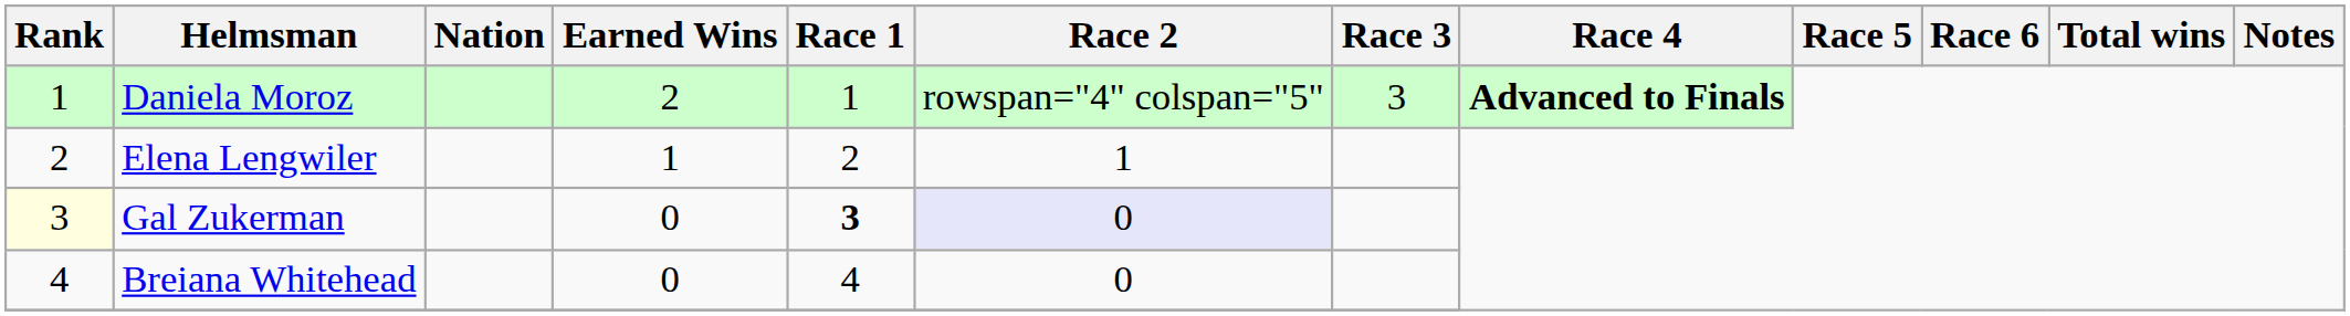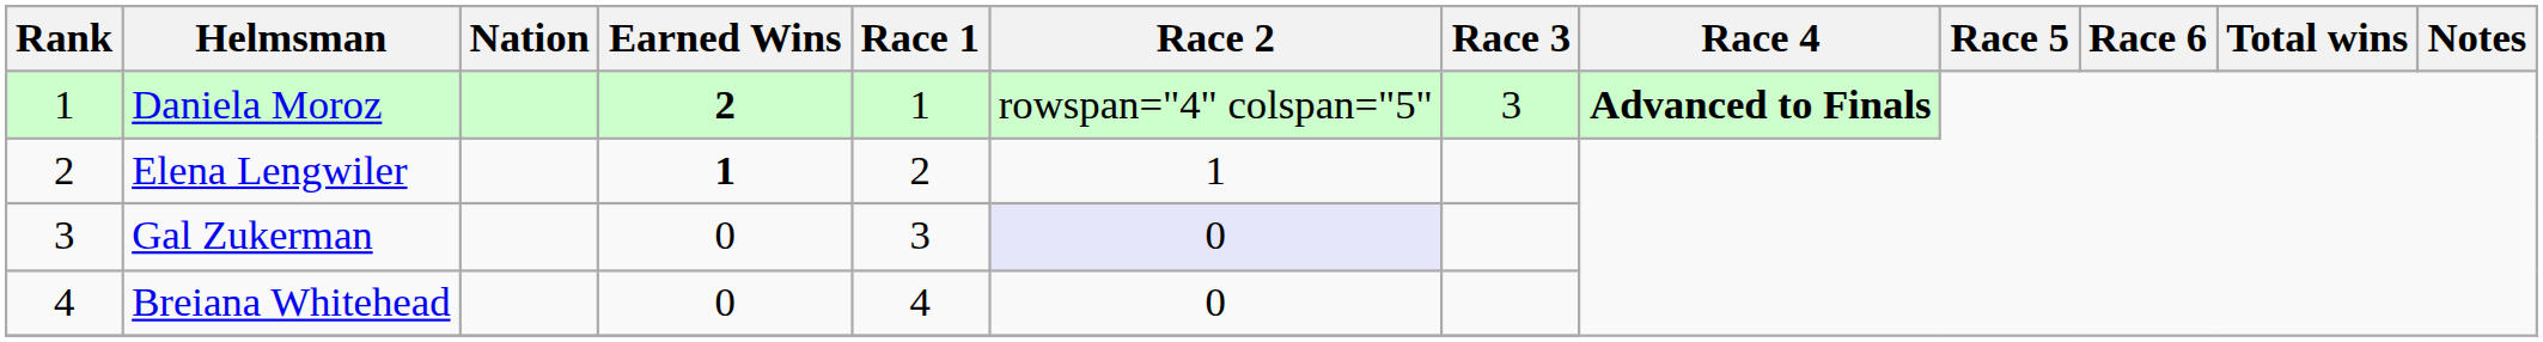 <table class="wikitable sortable" style="text-align:center">
 <tr>
 <th>Rank</th>
 <th>Helmsman</th>
 <th>Nation</th>
 <th>Earned Wins</th>
 <th>Race 1</th>
 <th>Race 2</th>
 <th>Race 3</th>
 <th>Race 4</th>
 <th>Race 5</th>
 <th>Race 6</th>
 <th>Total wins</th>
 <th>Notes</th>
 </tr>
 <tr bgcolor=ccffcc>
 <td>1</td>
 <td align="left"><a href='#'>Daniela Moroz</a></td>
 <td align="left"></td>
-<td>2</td>
+<td><strong>2</strong></td>
 <td>1</td>
 <td>rowspan="4" colspan="5" </td>
 <td>3</td>
 <td><strong>Advanced to Finals</strong></td>
 </tr>
 <tr>
 <td>2</td>
 <td align="left"><a href='#'>Elena Lengwiler</a></td>
 <td align="left"></td>
-<td>1</td>
+<td><strong>1</strong></td>
 <td>2<br></td>
 <td>1</td>
 <td></td>
 </tr>
 <tr>
-<td style="background: lightyellow;">3</td>
+<td>3</td>
 <td align="left"><a href='#'>Gal Zukerman</a></td>
 <td align="left"></td>
 <td>0</td>
-<td><strong>3</strong></td>
+<td>3</td>
 <td style="background: lavender;">0</td>
 <td></td>
 </tr>
 <tr>
 <td>4</td>
 <td align="left"><a href='#'>Breiana Whitehead</a></td>
 <td align="left"></td>
 <td>0</td>
 <td>4<br></td>
 <td>0</td>
 <td></td>
 </tr>
 <tr>
 </tr>
 </table>
